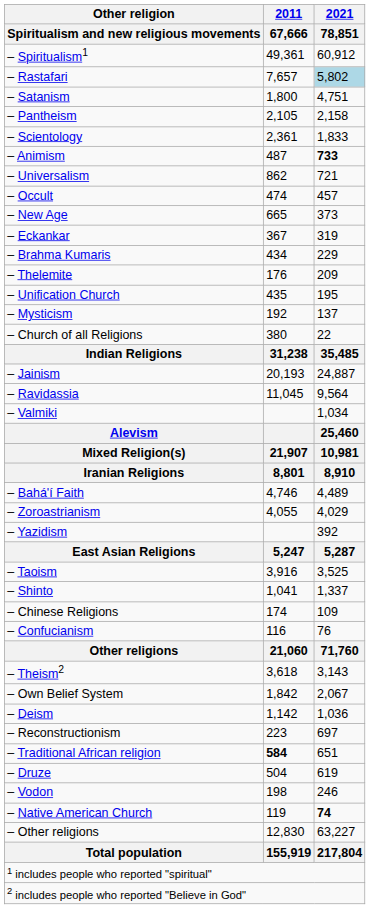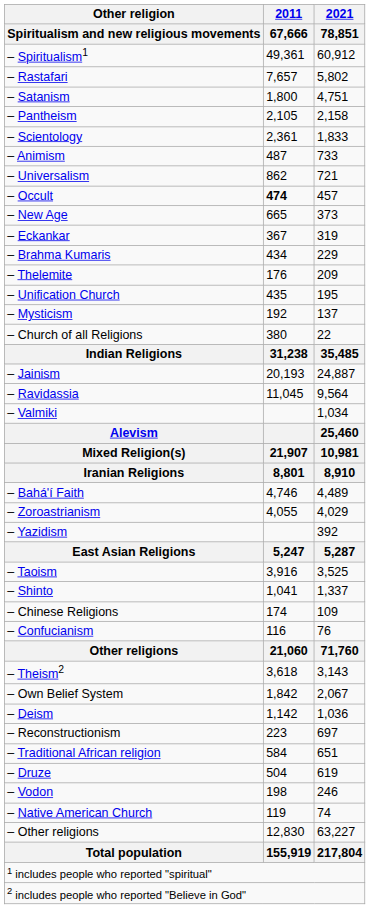 <table class="wikitable">
 <tr>
 <th>Other religion</th>
 <th><a href='#'>2011</a></th>
 <th><a href='#'>2021</a></th>
 </tr>
 <tr>
 <th align=left>Spiritualism and new religious movements</th>
 <th>67,666</th>
 <th>78,851</th>
 </tr>
 <tr>
 <td align=left>– <a href='#'>Spiritualism</a><sup>1</sup></td>
 <td>49,361</td>
 <td>60,912</td>
 </tr>
 <tr>
 <td align=left>– <a href='#'>Rastafari</a></td>
 <td>7,657</td>
-<td style="background: lightblue;">5,802</td>
+<td>5,802</td>
 </tr>
 <tr>
 <td align=left>– <a href='#'>Satanism</a></td>
 <td>1,800</td>
 <td>4,751</td>
 </tr>
 <tr>
 <td align=left>– <a href='#'>Pantheism</a></td>
 <td>2,105</td>
 <td>2,158</td>
 </tr>
 <tr>
 <td align=left>– <a href='#'>Scientology</a></td>
 <td>2,361</td>
 <td>1,833</td>
 </tr>
 <tr>
 <td align=left>– <a href='#'>Animism</a></td>
 <td>487</td>
-<td><strong>733</strong></td>
+<td>733</td>
 </tr>
 <tr>
 <td align=left>– <a href='#'>Universalism</a></td>
 <td>862</td>
 <td>721</td>
 </tr>
 <tr>
 <td align=left>– <a href='#'>Occult</a></td>
-<td>474</td>
+<td><strong>474</strong></td>
 <td>457</td>
 </tr>
 <tr>
 <td align=left>– <a href='#'>New Age</a></td>
 <td>665</td>
 <td>373</td>
 </tr>
 <tr>
 <td align=left>– <a href='#'>Eckankar</a></td>
 <td>367</td>
 <td>319</td>
 </tr>
 <tr>
 <td align=left>– <a href='#'>Brahma Kumaris</a></td>
 <td>434</td>
 <td>229</td>
 </tr>
 <tr>
 <td align=left>– <a href='#'>Thelemite</a></td>
 <td>176</td>
 <td>209</td>
 </tr>
 <tr>
 <td align=left>– <a href='#'>Unification Church</a></td>
 <td>435</td>
 <td>195</td>
 </tr>
 <tr>
 <td align=left>– <a href='#'>Mysticism</a></td>
 <td>192</td>
 <td>137</td>
 </tr>
 <tr>
 <td align=left>– Church of all Religions</td>
 <td>380</td>
 <td>22</td>
 </tr>
 <tr>
 <th align=left>Indian Religions</th>
 <th>31,238</th>
 <th>35,485</th>
 </tr>
 <tr>
 <td align=left>– <a href='#'>Jainism</a></td>
 <td>20,193</td>
 <td>24,887</td>
 </tr>
 <tr>
 <td align=left>– <a href='#'>Ravidassia</a></td>
 <td>11,045</td>
 <td>9,564</td>
 </tr>
 <tr>
 <td align=left>– <a href='#'>Valmiki</a></td>
 <td></td>
 <td>1,034</td>
 </tr>
 <tr>
 <th align=left><a href='#'>Alevism</a></th>
 <th></th>
 <th>25,460</th>
 </tr>
 <tr>
 <th align=left>Mixed Religion(s)</th>
 <th>21,907</th>
 <th>10,981</th>
 </tr>
 <tr>
 <th align=left>Iranian Religions</th>
 <th>8,801</th>
 <th>8,910</th>
 </tr>
 <tr>
 <td align=left>– <a href='#'>Bahá'í Faith</a></td>
 <td>4,746</td>
 <td>4,489</td>
 </tr>
 <tr>
 <td align=left>– <a href='#'>Zoroastrianism</a></td>
 <td>4,055</td>
 <td>4,029</td>
 </tr>
 <tr>
 <td align=left>– <a href='#'>Yazidism</a></td>
 <td></td>
 <td>392</td>
 </tr>
 <tr>
 <th align=left>East Asian Religions</th>
 <th>5,247</th>
 <th>5,287</th>
 </tr>
 <tr>
 <td align=left>– <a href='#'>Taoism</a></td>
 <td>3,916</td>
 <td>3,525</td>
 </tr>
 <tr>
 <td align=left>– <a href='#'>Shinto</a></td>
 <td>1,041</td>
 <td>1,337</td>
 </tr>
 <tr>
 <td align=left>– Chinese Religions</td>
 <td>174</td>
 <td>109</td>
 </tr>
 <tr>
 <td align=left>– <a href='#'>Confucianism</a></td>
 <td>116</td>
 <td>76</td>
 </tr>
 <tr>
 <th align=left>Other religions</th>
 <th>21,060</th>
 <th>71,760</th>
 </tr>
 <tr>
 <td align=left>– <a href='#'>Theism</a><sup>2</sup></td>
 <td>3,618</td>
 <td>3,143</td>
 </tr>
 <tr>
 <td align=left>– Own Belief System</td>
 <td>1,842</td>
 <td>2,067</td>
 </tr>
 <tr>
 <td align=left>– <a href='#'>Deism</a></td>
 <td>1,142</td>
 <td>1,036</td>
 </tr>
 <tr>
 <td align=left>– Reconstructionism</td>
 <td>223</td>
 <td>697</td>
 </tr>
 <tr>
 <td align=left>– <a href='#'>Traditional African religion</a></td>
-<td><strong>584</strong></td>
+<td>584</td>
 <td>651</td>
 </tr>
 <tr>
 <td align=left>– <a href='#'>Druze</a></td>
 <td>504</td>
 <td>619</td>
 </tr>
 <tr>
 <td align=left>– <a href='#'>Vodon</a></td>
 <td>198</td>
 <td>246</td>
 </tr>
 <tr>
 <td align=left>– <a href='#'>Native American Church</a></td>
 <td>119</td>
-<td><strong>74</strong></td>
+<td>74</td>
 </tr>
 <tr>
 <td align=left>– Other religions</td>
 <td>12,830</td>
 <td>63,227</td>
 </tr>
 <tr>
 <th>Total population</th>
 <th align=right>155,919</th>
 <th align=right>217,804</th>
 </tr>
 <tr>
 <td colspan="7" style="text-align:left; font-size:90%;"><sup>1</sup> includes people who reported "spiritual"</td>
 </tr>
 <tr>
 <td colspan="7" style="text-align:left; font-size:90%;"><sup>2</sup> includes people who reported "Believe in God"</td>
 </tr>
 </table>
